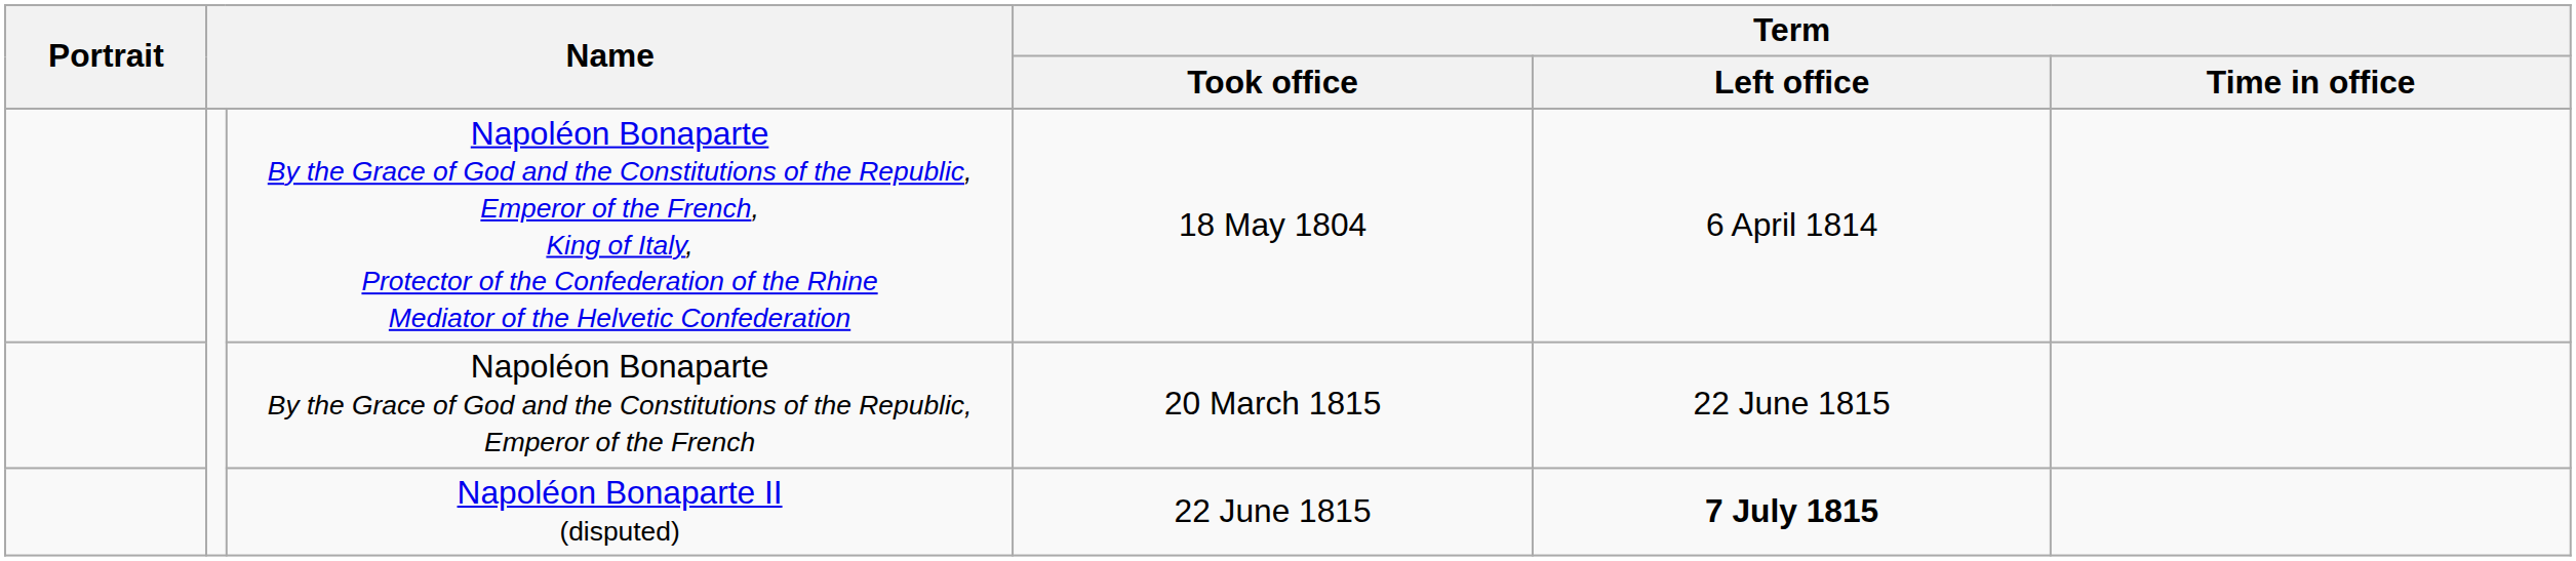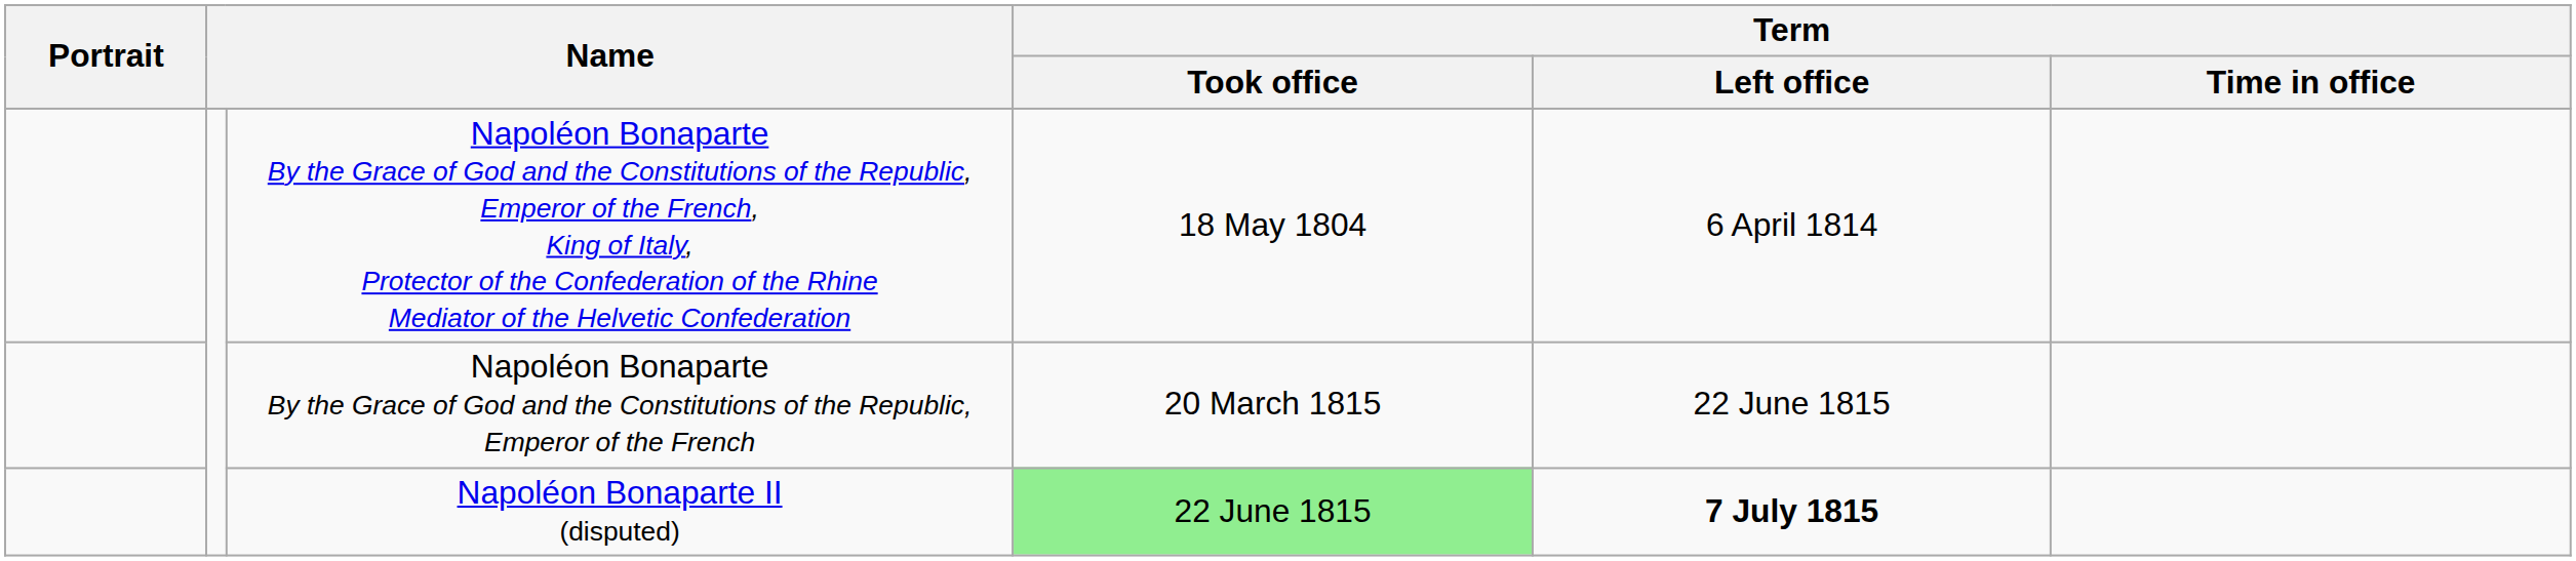 <table class="wikitable" style="text-align:center; width:100%">
 <tr>
 <th rowspan="2" style="width:5%">Portrait</th>
 <th colspan="2" rowspan="2," style="width:20%">Name</th>
 <th colspan="3">Term</th>
 </tr>
 <tr>
 <th style="width:13%">Took office</th>
 <th style="width:13%">Left office</th>
 <th style="width:13%">Time in office</th>
 </tr>
 <tr>
 <td></td>
 <td rowspan="3" style="background:"></td>
 <td><a href='#'>Napoléon Bonaparte</a><br><em><small><a href='#'>By the Grace of God and the Constitutions of the Republic</a>, <a href='#'>Emperor of the French</a>,</small></em><br><em><small><a href='#'>King of Italy</a>,</small></em><br><em><small><a href='#'>Protector of the Confederation of the Rhine</a></small></em><br><em><small><a href='#'>Mediator of the Helvetic Confederation</a></small></em></td>
 <td>18 May 1804</td>
 <td>6 April 1814</td>
 <td></td>
 </tr>
 <tr>
 <td></td>
 <td>Napoléon Bonaparte<br><em><small>By the Grace of God and the Constitutions of the Republic, Emperor of the French</small></em></td>
 <td>20 March 1815</td>
 <td>22 June 1815</td>
 <td></td>
 </tr>
 <tr>
 <td></td>
 <td><a href='#'>Napoléon Bonaparte II</a><br><small>(disputed)</small></td>
-<td>22 June 1815</td>
+<td style="background: lightgreen;">22 June 1815</td>
 <td><strong>7 July 1815</strong></td>
 <td></td>
 </tr>
 </table>
